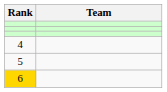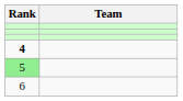 <table class="wikitable" style="text-align: center;">
 <tr>
 <th width=40>Rank</th>
 <th width=180>Team</th>
 </tr>
 <tr bgcolor=#ccffcc align=center>
 <td></td>
 <td style="text-align:left;"></td>
 </tr>
 <tr bgcolor=#ccffcc align=center>
 <td></td>
 <td style="text-align:left;"></td>
 </tr>
 <tr bgcolor=#ccffcc align=center>
 <td></td>
 <td style="text-align:left;"></td>
 </tr>
 <tr align=center>
-<td>4</td>
+<td><strong>4</strong></td>
 <td style="text-align:left;"></td>
 </tr>
 <tr align=center>
-<td>5</td>
+<td style="background: lightgreen;">5</td>
 <td style="text-align:left;"></td>
 </tr>
 <tr align=center>
-<td style="background: gold;">6</td>
+<td>6</td>
 <td style="text-align:left;"></td>
 </tr>
 </table>
